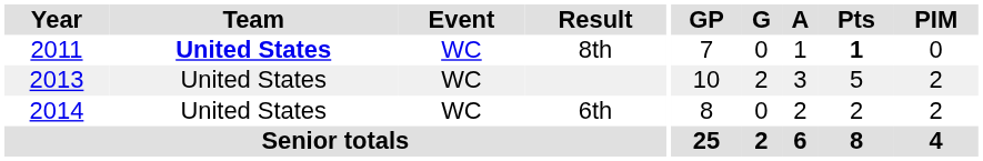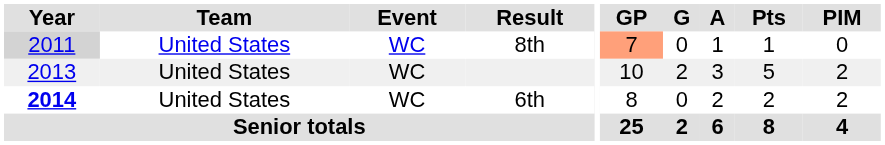 <table border="0" cellpadding="1" cellspacing="0" ID="Table3" style="text-align:center; width:40em">
 <tr ALIGN="center" bgcolor="#e0e0e0">
 <th>Year</th>
 <th>Team</th>
 <th>Event</th>
 <th>Result</th>
 <th rowspan="99" bgcolor="#ffffff"></th>
 <th>GP</th>
 <th>G</th>
 <th>A</th>
 <th>Pts</th>
 <th>PIM</th>
 </tr>
 <tr>
-<td><a href='#'>2011</a></td>
-<td><strong><a href='#'>United States</a></strong></td>
+<td style="background: lightgrey;"><a href='#'>2011</a></td>
+<td><a href='#'>United States</a></td>
 <td><a href='#'>WC</a></td>
 <td>8th</td>
-<td>7</td>
+<td style="background: lightsalmon;">7</td>
 <td>0</td>
 <td>1</td>
-<td><strong>1</strong></td>
+<td>1</td>
 <td>0</td>
 </tr>
 <tr bgcolor="#f0f0f0">
 <td><a href='#'>2013</a></td>
 <td>United States</td>
 <td>WC</td>
 <td></td>
 <td>10</td>
 <td>2</td>
 <td>3</td>
 <td>5</td>
 <td>2</td>
 </tr>
 <tr>
-<td><a href='#'>2014</a></td>
+<td><strong><a href='#'>2014</a></strong></td>
 <td>United States</td>
 <td>WC</td>
 <td>6th</td>
 <td>8</td>
 <td>0</td>
 <td>2</td>
 <td>2</td>
 <td>2</td>
 </tr>
 <tr bgcolor="#e0e0e0">
 <th colspan=4>Senior totals</th>
 <th>25</th>
 <th>2</th>
 <th>6</th>
 <th>8</th>
 <th>4</th>
 </tr>
 </table>
